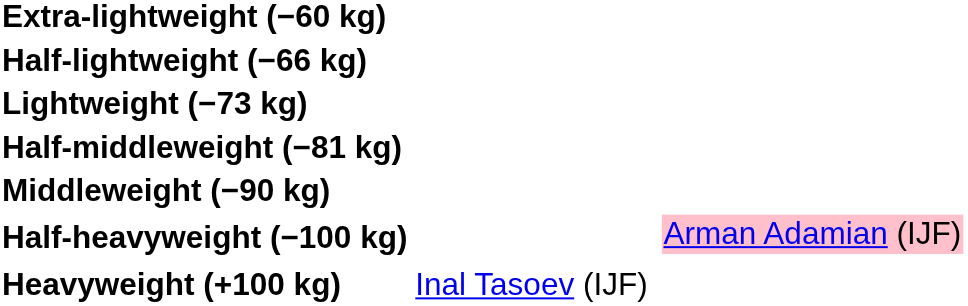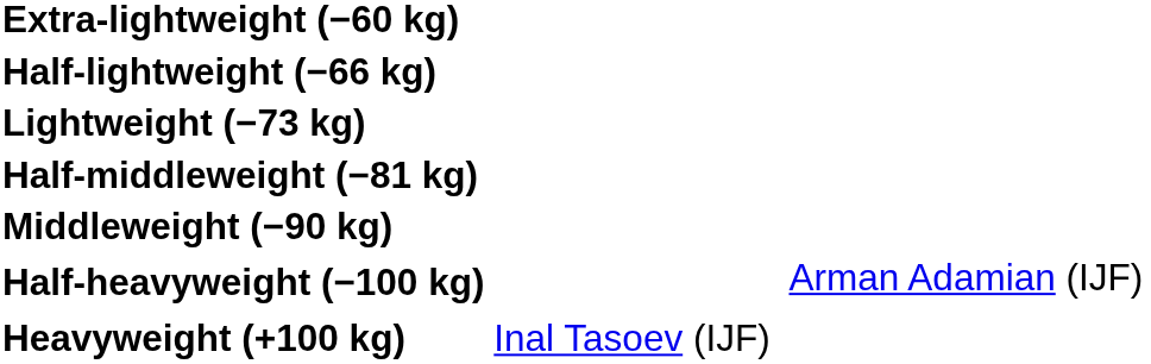 <table>
 <tr>
 <th rowspan=2 style="text-align:left;">Extra-lightweight (−60 kg)</th>
 <td rowspan=2></td>
 <td rowspan=2></td>
 <td></td>
 </tr>
 <tr>
 <td></td>
 </tr>
 <tr>
 <th rowspan=2 style="text-align:left;">Half-lightweight (−66 kg)</th>
 <td rowspan=2></td>
 <td rowspan=2></td>
 <td></td>
 </tr>
 <tr>
 <td></td>
 </tr>
 <tr>
 <th rowspan=2 style="text-align:left;">Lightweight (−73 kg)</th>
 <td rowspan=2></td>
 <td rowspan=2></td>
 <td></td>
 </tr>
 <tr>
 <td></td>
 </tr>
 <tr>
 <th rowspan=2 style="text-align:left;">Half-middleweight (−81 kg)</th>
 <td rowspan=2></td>
 <td rowspan=2></td>
 <td></td>
 </tr>
 <tr>
 <td></td>
 </tr>
 <tr>
 <th rowspan=2 style="text-align:left;">Middleweight (−90 kg)</th>
 <td rowspan=2></td>
 <td rowspan=2></td>
 <td></td>
 </tr>
 <tr>
 <td></td>
 </tr>
 <tr>
 <th rowspan=2 style="text-align:left;">Half-heavyweight (−100 kg)</th>
 <td rowspan=2></td>
 <td rowspan=2></td>
-<td style="background: pink;"> <a href='#'>Arman Adamian</a> <span>(<abbr>IJF</abbr>)</span></td>
+<td> <a href='#'>Arman Adamian</a> <span>(<abbr>IJF</abbr>)</span></td>
 </tr>
 <tr>
 <td></td>
 </tr>
 <tr>
 <th rowspan=2 style="text-align:left;">Heavyweight (+100 kg)</th>
 <td rowspan=2> <a href='#'>Inal Tasoev</a> <span>(<abbr>IJF</abbr>)</span></td>
 <td rowspan=2></td>
 <td></td>
 </tr>
 <tr>
 <td></td>
 </tr>
 </table>
